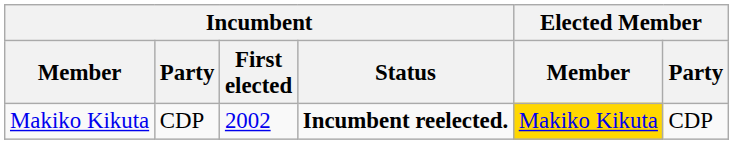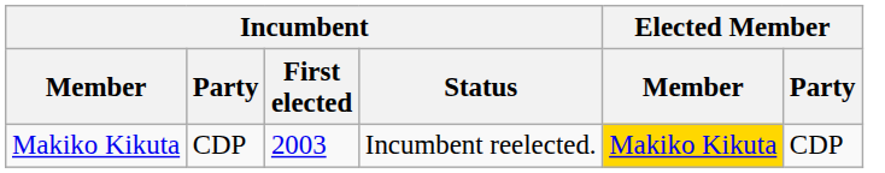 <table class="wikitable sortable">
 <tr>
 <th colspan=4>Incumbent</th>
 <th colspan=2>Elected Member</th>
 </tr>
 <tr>
 <th>Member</th>
 <th>Party</th>
 <th>First<br>elected</th>
 <th>Status</th>
 <th>Member</th>
 <th>Party</th>
 </tr>
 <tr>
 <td><a href='#'>Makiko Kikuta</a></td>
 <td>CDP</td>
-<td><a href='#'>2002</a></td>
-<td><strong>Incumbent reelected.</strong></td>
+<td><a href='#'>2003</a></td>
+<td>Incumbent reelected.</td>
 <td style="background: gold;"><a href='#'>Makiko Kikuta</a></td>
 <td>CDP</td>
 </tr>
 </table>
